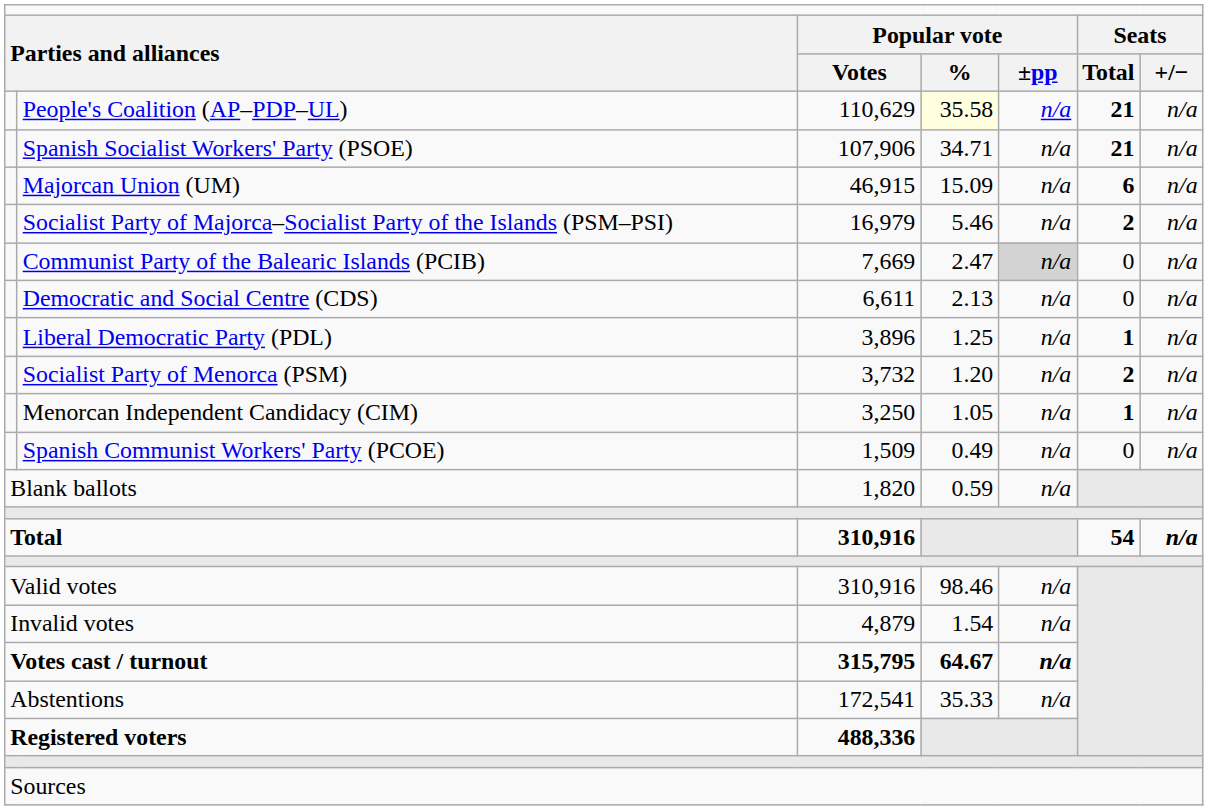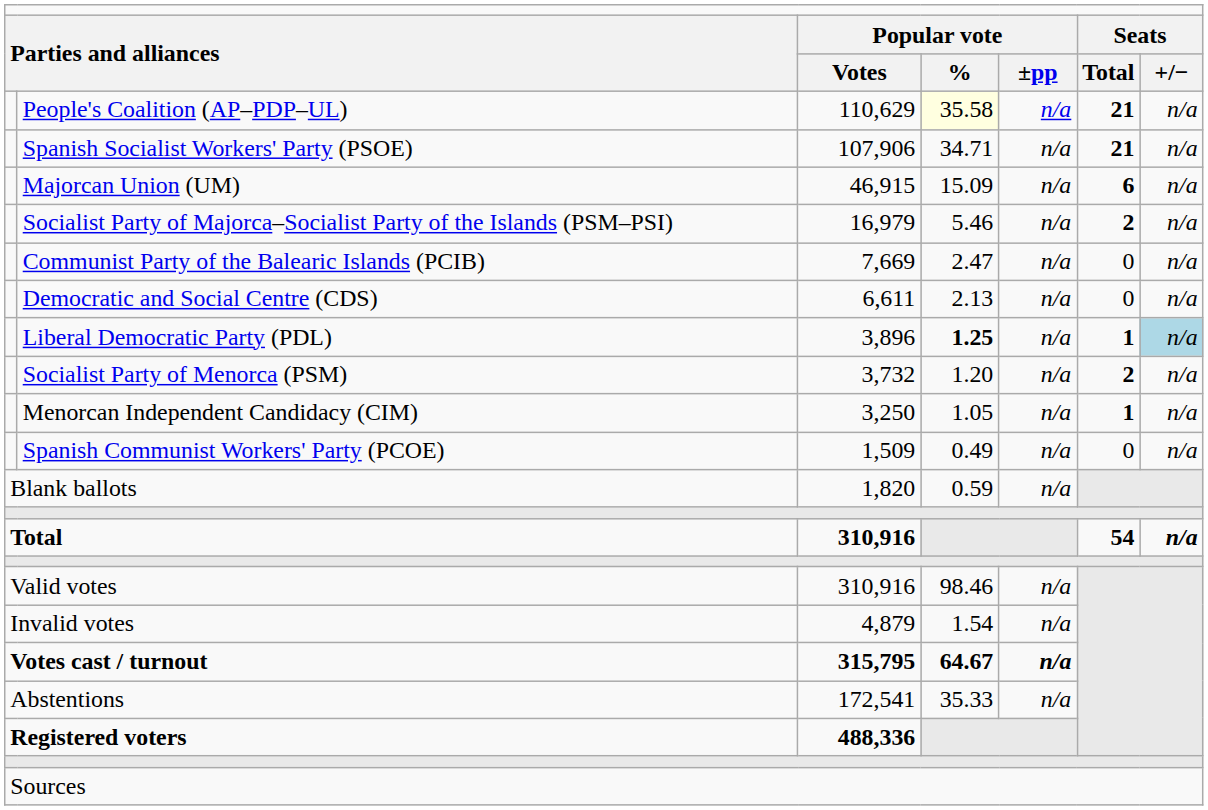 <table class="wikitable" style="text-align:right;">
 <tr>
 <td colspan="7"></td>
 </tr>
 <tr>
 <th style="text-align:left;" rowspan="2" colspan="2" width="525">Parties and alliances</th>
 <th colspan="3">Popular vote</th>
 <th colspan="2">Seats</th>
 </tr>
 <tr>
 <th width="75">Votes</th>
 <th width="45">%</th>
 <th width="45">±<a href='#'>pp</a></th>
 <th width="35">Total</th>
 <th width="35">+/−</th>
 </tr>
 <tr>
 <td width="1" style="color:inherit;background:"></td>
 <td align="left"><a href='#'>People's Coalition</a> (<a href='#'>AP</a>–<a href='#'>PDP</a>–<a href='#'>UL</a>)</td>
 <td>110,629</td>
 <td style="background: lightyellow;">35.58</td>
 <td><em><a href='#'>n/a</a></em></td>
 <td><strong>21</strong></td>
 <td><em>n/a</em></td>
 </tr>
 <tr>
 <td style="color:inherit;background:"></td>
 <td align="left"><a href='#'>Spanish Socialist Workers' Party</a> (PSOE)</td>
 <td>107,906</td>
 <td>34.71</td>
 <td><em>n/a</em></td>
 <td><strong>21</strong></td>
 <td><em>n/a</em></td>
 </tr>
 <tr>
 <td style="color:inherit;background:"></td>
 <td align="left"><a href='#'>Majorcan Union</a> (UM)</td>
 <td>46,915</td>
 <td>15.09</td>
 <td><em>n/a</em></td>
 <td><strong>6</strong></td>
 <td><em>n/a</em></td>
 </tr>
 <tr>
 <td style="color:inherit;background:"></td>
 <td align="left"><a href='#'>Socialist Party of Majorca</a>–<a href='#'>Socialist Party of the Islands</a> (PSM–PSI)</td>
 <td>16,979</td>
 <td>5.46</td>
 <td><em>n/a</em></td>
 <td><strong>2</strong></td>
 <td><em>n/a</em></td>
 </tr>
 <tr>
 <td style="color:inherit;background:"></td>
 <td align="left"><a href='#'>Communist Party of the Balearic Islands</a> (PCIB)</td>
 <td>7,669</td>
 <td>2.47</td>
-<td style="background: lightgrey;"><em>n/a</em></td>
+<td><em>n/a</em></td>
 <td>0</td>
 <td><em>n/a</em></td>
 </tr>
 <tr>
 <td style="color:inherit;background:"></td>
 <td align="left"><a href='#'>Democratic and Social Centre</a> (CDS)</td>
 <td>6,611</td>
 <td>2.13</td>
 <td><em>n/a</em></td>
 <td>0</td>
 <td><em>n/a</em></td>
 </tr>
 <tr>
 <td style="color:inherit;background:"></td>
 <td align="left"><a href='#'>Liberal Democratic Party</a> (PDL)</td>
 <td>3,896</td>
-<td>1.25</td>
+<td><strong>1.25</strong></td>
 <td><em>n/a</em></td>
 <td><strong>1</strong></td>
-<td><em>n/a</em></td>
+<td style="background: lightblue;"><em>n/a</em></td>
 </tr>
 <tr>
 <td style="color:inherit;background:"></td>
 <td align="left"><a href='#'>Socialist Party of Menorca</a> (PSM)</td>
 <td>3,732</td>
 <td>1.20</td>
 <td><em>n/a</em></td>
 <td><strong>2</strong></td>
 <td><em>n/a</em></td>
 </tr>
 <tr>
 <td style="color:inherit;background:"></td>
 <td align="left">Menorcan Independent Candidacy (CIM)</td>
 <td>3,250</td>
 <td>1.05</td>
 <td><em>n/a</em></td>
 <td><strong>1</strong></td>
 <td><em>n/a</em></td>
 </tr>
 <tr>
 <td style="color:inherit;background:"></td>
 <td align="left"><a href='#'>Spanish Communist Workers' Party</a> (PCOE)</td>
 <td>1,509</td>
 <td>0.49</td>
 <td><em>n/a</em></td>
 <td>0</td>
 <td><em>n/a</em></td>
 </tr>
 <tr>
 <td align="left" colspan="2">Blank ballots</td>
 <td>1,820</td>
 <td>0.59</td>
 <td><em>n/a</em></td>
 <td bgcolor="#E9E9E9" colspan="2"></td>
 </tr>
 <tr>
 <td colspan="7" bgcolor="#E9E9E9"></td>
 </tr>
 <tr style="font-weight:bold;">
 <td align="left" colspan="2">Total</td>
 <td>310,916</td>
 <td bgcolor="#E9E9E9" colspan="2"></td>
 <td>54</td>
 <td><em>n/a</em></td>
 </tr>
 <tr>
 <td colspan="7" bgcolor="#E9E9E9"></td>
 </tr>
 <tr>
 <td align="left" colspan="2">Valid votes</td>
 <td>310,916</td>
 <td>98.46</td>
 <td><em>n/a</em></td>
 <td bgcolor="#E9E9E9" colspan="2" rowspan="5"></td>
 </tr>
 <tr>
 <td align="left" colspan="2">Invalid votes</td>
 <td>4,879</td>
 <td>1.54</td>
 <td><em>n/a</em></td>
 </tr>
 <tr style="font-weight:bold;">
 <td align="left" colspan="2">Votes cast / turnout</td>
 <td>315,795</td>
 <td>64.67</td>
 <td><em>n/a</em></td>
 </tr>
 <tr>
 <td align="left" colspan="2">Abstentions</td>
 <td>172,541</td>
 <td>35.33</td>
 <td><em>n/a</em></td>
 </tr>
 <tr style="font-weight:bold;">
 <td align="left" colspan="2">Registered voters</td>
 <td>488,336</td>
 <td bgcolor="#E9E9E9" colspan="2"></td>
 </tr>
 <tr>
 <td colspan="7" bgcolor="#E9E9E9"></td>
 </tr>
 <tr>
 <td align="left" colspan="7">Sources</td>
 </tr>
 </table>
